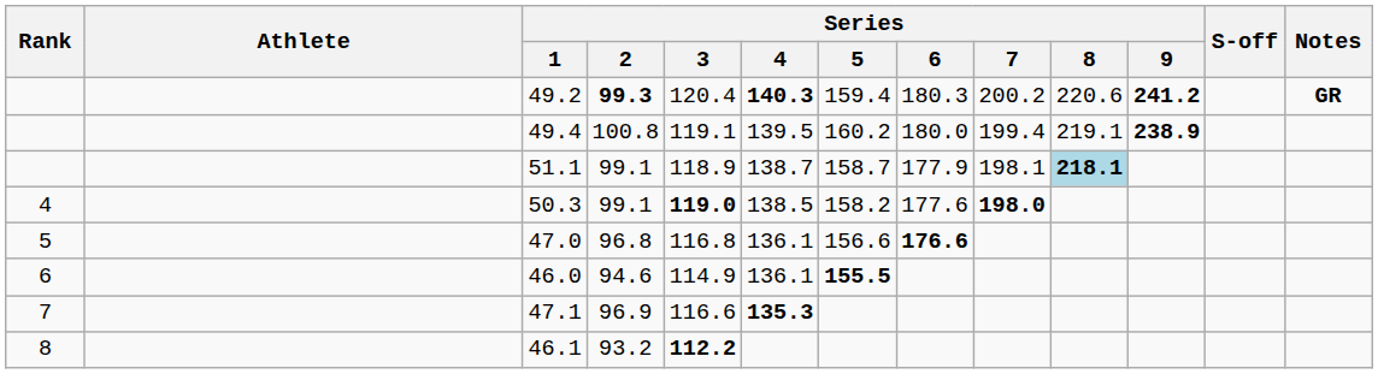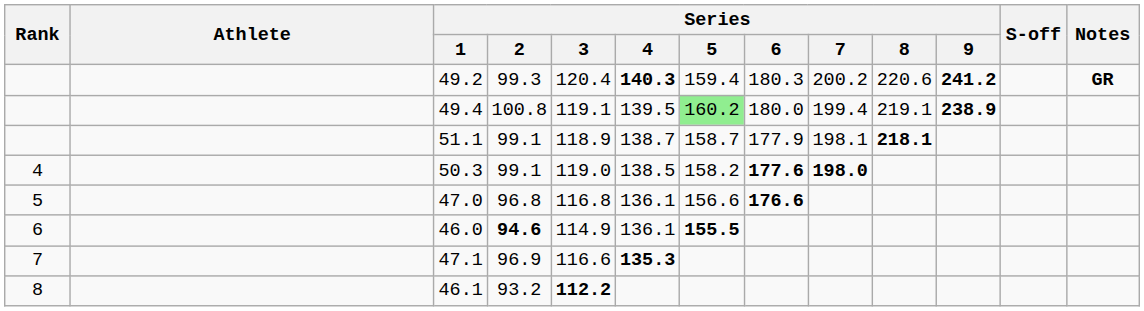 <table class="wikitable" style="text-align:center">
 <tr>
 <th rowspan=2 width=40>Rank</th>
 <th rowspan=2 width=250>Athlete</th>
 <th colspan=9>Series</th>
 <th rowspan=2 width=40>S-off</th>
 <th rowspan=2 width=45>Notes</th>
 </tr>
 <tr>
 <th width=30>1</th>
 <th width=30>2</th>
 <th width=30>3</th>
 <th width=30>4</th>
 <th width=30>5</th>
 <th width=30>6</th>
 <th width=30>7</th>
 <th width=30>8</th>
 <th width=30>9</th>
 </tr>
 <tr>
 <td></td>
 <td align=left></td>
 <td>49.2</td>
-<td><strong>99.3</strong></td>
+<td>99.3</td>
 <td>120.4</td>
 <td><strong>140.3</strong></td>
 <td>159.4</td>
 <td>180.3</td>
 <td>200.2</td>
 <td>220.6</td>
 <td><strong>241.2</strong></td>
 <td></td>
 <td><strong>GR</strong></td>
 </tr>
 <tr>
 <td></td>
 <td align=left></td>
 <td>49.4</td>
 <td>100.8</td>
 <td>119.1</td>
 <td>139.5</td>
-<td>160.2</td>
+<td style="background: lightgreen;">160.2</td>
 <td>180.0</td>
 <td>199.4</td>
 <td>219.1</td>
 <td><strong>238.9</strong></td>
 <td></td>
 <td></td>
 </tr>
 <tr>
 <td></td>
 <td align=left></td>
 <td>51.1</td>
 <td>99.1</td>
 <td>118.9</td>
 <td>138.7</td>
 <td>158.7</td>
 <td>177.9</td>
 <td>198.1</td>
-<td style="background: lightblue;"><strong>218.1</strong></td>
+<td><strong>218.1</strong></td>
 <td></td>
 <td></td>
 <td></td>
 </tr>
 <tr>
 <td>4</td>
 <td align=left></td>
 <td>50.3</td>
 <td>99.1</td>
-<td><strong>119.0</strong></td>
+<td>119.0</td>
 <td>138.5</td>
 <td>158.2</td>
-<td>177.6</td>
+<td><strong>177.6</strong></td>
 <td><strong>198.0</strong></td>
 <td></td>
 <td></td>
 <td></td>
 <td></td>
 </tr>
 <tr>
 <td>5</td>
 <td align=left></td>
 <td>47.0</td>
 <td>96.8</td>
 <td>116.8</td>
 <td>136.1</td>
 <td>156.6</td>
 <td><strong>176.6</strong></td>
 <td></td>
 <td></td>
 <td></td>
 <td></td>
 <td></td>
 </tr>
 <tr>
 <td>6</td>
 <td align=left></td>
 <td>46.0</td>
-<td>94.6</td>
+<td><strong>94.6</strong></td>
 <td>114.9</td>
 <td>136.1</td>
 <td><strong>155.5</strong></td>
 <td></td>
 <td></td>
 <td></td>
 <td></td>
 <td></td>
 <td></td>
 </tr>
 <tr>
 <td>7</td>
 <td align=left></td>
 <td>47.1</td>
 <td>96.9</td>
 <td>116.6</td>
 <td><strong>135.3</strong></td>
 <td></td>
 <td></td>
 <td></td>
 <td></td>
 <td></td>
 <td></td>
 <td></td>
 </tr>
 <tr>
 <td>8</td>
 <td align=left></td>
 <td>46.1</td>
 <td>93.2</td>
 <td><strong>112.2</strong></td>
 <td></td>
 <td></td>
 <td></td>
 <td></td>
 <td></td>
 <td></td>
 <td></td>
 <td></td>
 </tr>
 </table>
